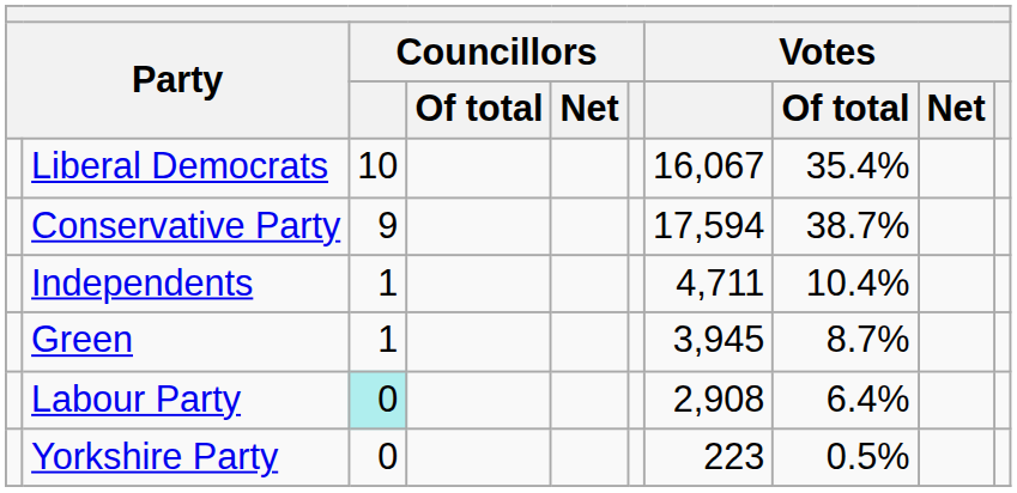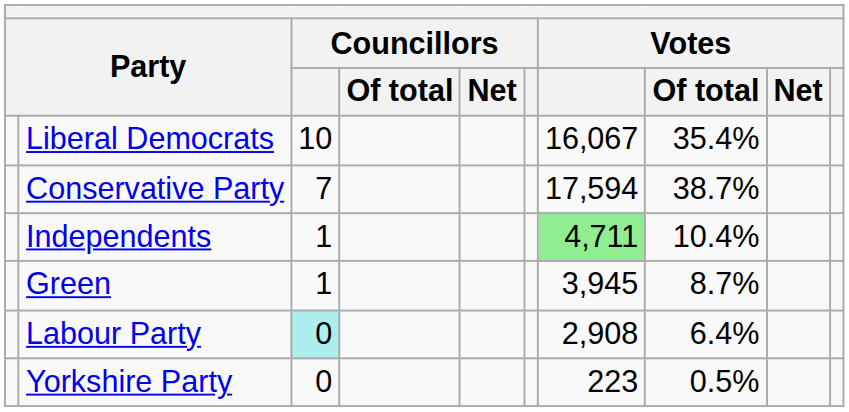 <table class="wikitable sortable" style="text-align:center;">
 <tr>
 <th colspan="10"></th>
 </tr>
 <tr>
 <th colspan="2" rowspan="2">Party</th>
 <th colspan="4">Councillors</th>
 <th colspan="4">Votes</th>
 </tr>
 <tr>
 <th></th>
 <th>Of total</th>
 <th>Net</th>
 <th class="unsortable"></th>
 <th></th>
 <th>Of total</th>
 <th>Net</th>
 <th class="unsortable"></th>
 </tr>
 <tr>
 <td style="background:"></td>
 <td style="text-align:left;"><a href='#'>Liberal Democrats</a></td>
 <td style="text-align:right;">10</td>
 <td style="text-align:right;"></td>
 <td style="text-align:right;"></td>
 <td data-sort-value=""></td>
 <td style="text-align:right;">16,067</td>
 <td style="text-align:right;">35.4%</td>
 <td style="text-align:right;"></td>
 <td></td>
 </tr>
 <tr>
 <td style="background:"></td>
 <td style="text-align:left;"><a href='#'>Conservative Party</a></td>
-<td style="text-align:right;">9</td>
+<td style="text-align:right;">7</td>
 <td style="text-align:right;"></td>
 <td style="text-align:right;"></td>
 <td data-sort-value=""></td>
 <td style="text-align:right;">17,594</td>
 <td style="text-align:right;">38.7%</td>
 <td style="text-align:right;"></td>
 <td></td>
 </tr>
 <tr>
 <td style="background:"></td>
 <td style="text-align:left;"><a href='#'>Independents</a></td>
 <td style="text-align:right;">1</td>
 <td style="text-align:right;"></td>
 <td style="text-align:right;"></td>
 <td data-sort-value=""></td>
-<td style="text-align:right;">4,711</td>
+<td style="background: lightgreen; text-align:right;">4,711</td>
 <td style="text-align:right;">10.4%</td>
 <td style="text-align:right;"></td>
 <td></td>
 </tr>
 <tr>
 <td style="background:"></td>
 <td style="text-align:left;"><a href='#'>Green</a></td>
 <td style="text-align:right;">1</td>
 <td style="text-align:right;"></td>
 <td style="text-align:right;"></td>
 <td data-sort-value=""></td>
 <td style="text-align:right;">3,945</td>
 <td style="text-align:right;">8.7%</td>
 <td style="text-align:right;"></td>
 <td></td>
 </tr>
 <tr>
 <td style="background:"></td>
 <td style="text-align:left;"><a href='#'>Labour Party</a></td>
 <td style="background: paleturquoise; text-align:right;">0</td>
 <td style="text-align:right;"></td>
 <td style="text-align:right;"></td>
 <td data-sort-value=""></td>
 <td style="text-align:right;">2,908</td>
 <td style="text-align:right;">6.4%</td>
 <td style="text-align:right;"></td>
 <td></td>
 </tr>
 <tr>
 <td style="background:"></td>
 <td style="text-align:left;"><a href='#'>Yorkshire Party</a></td>
 <td style="text-align:right;">0</td>
 <td style="text-align:right;"></td>
 <td style="text-align:right;"></td>
 <td data-sort-value=""></td>
 <td style="text-align:right;">223</td>
 <td style="text-align:right;">0.5%</td>
 <td style="text-align:right;"></td>
 <td></td>
 </tr>
 </table>
